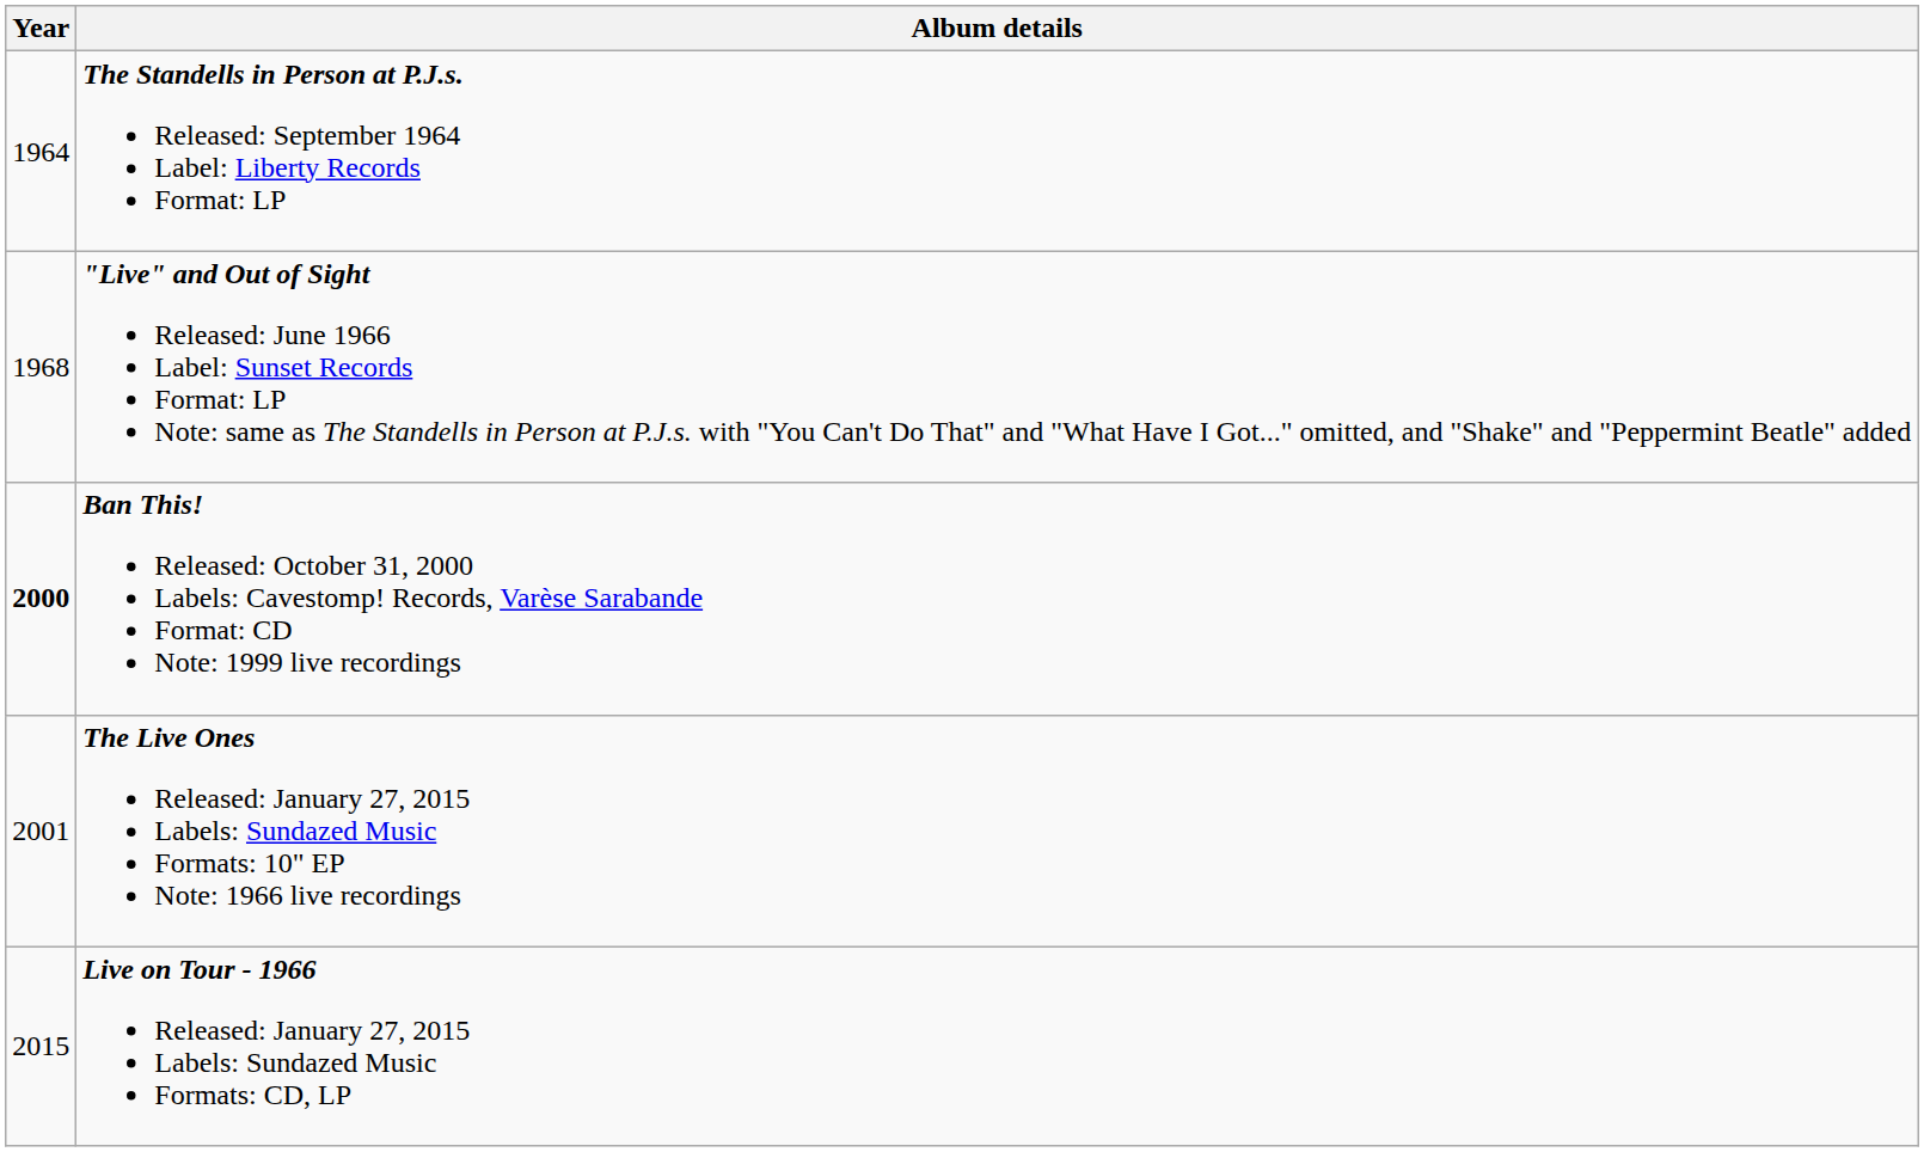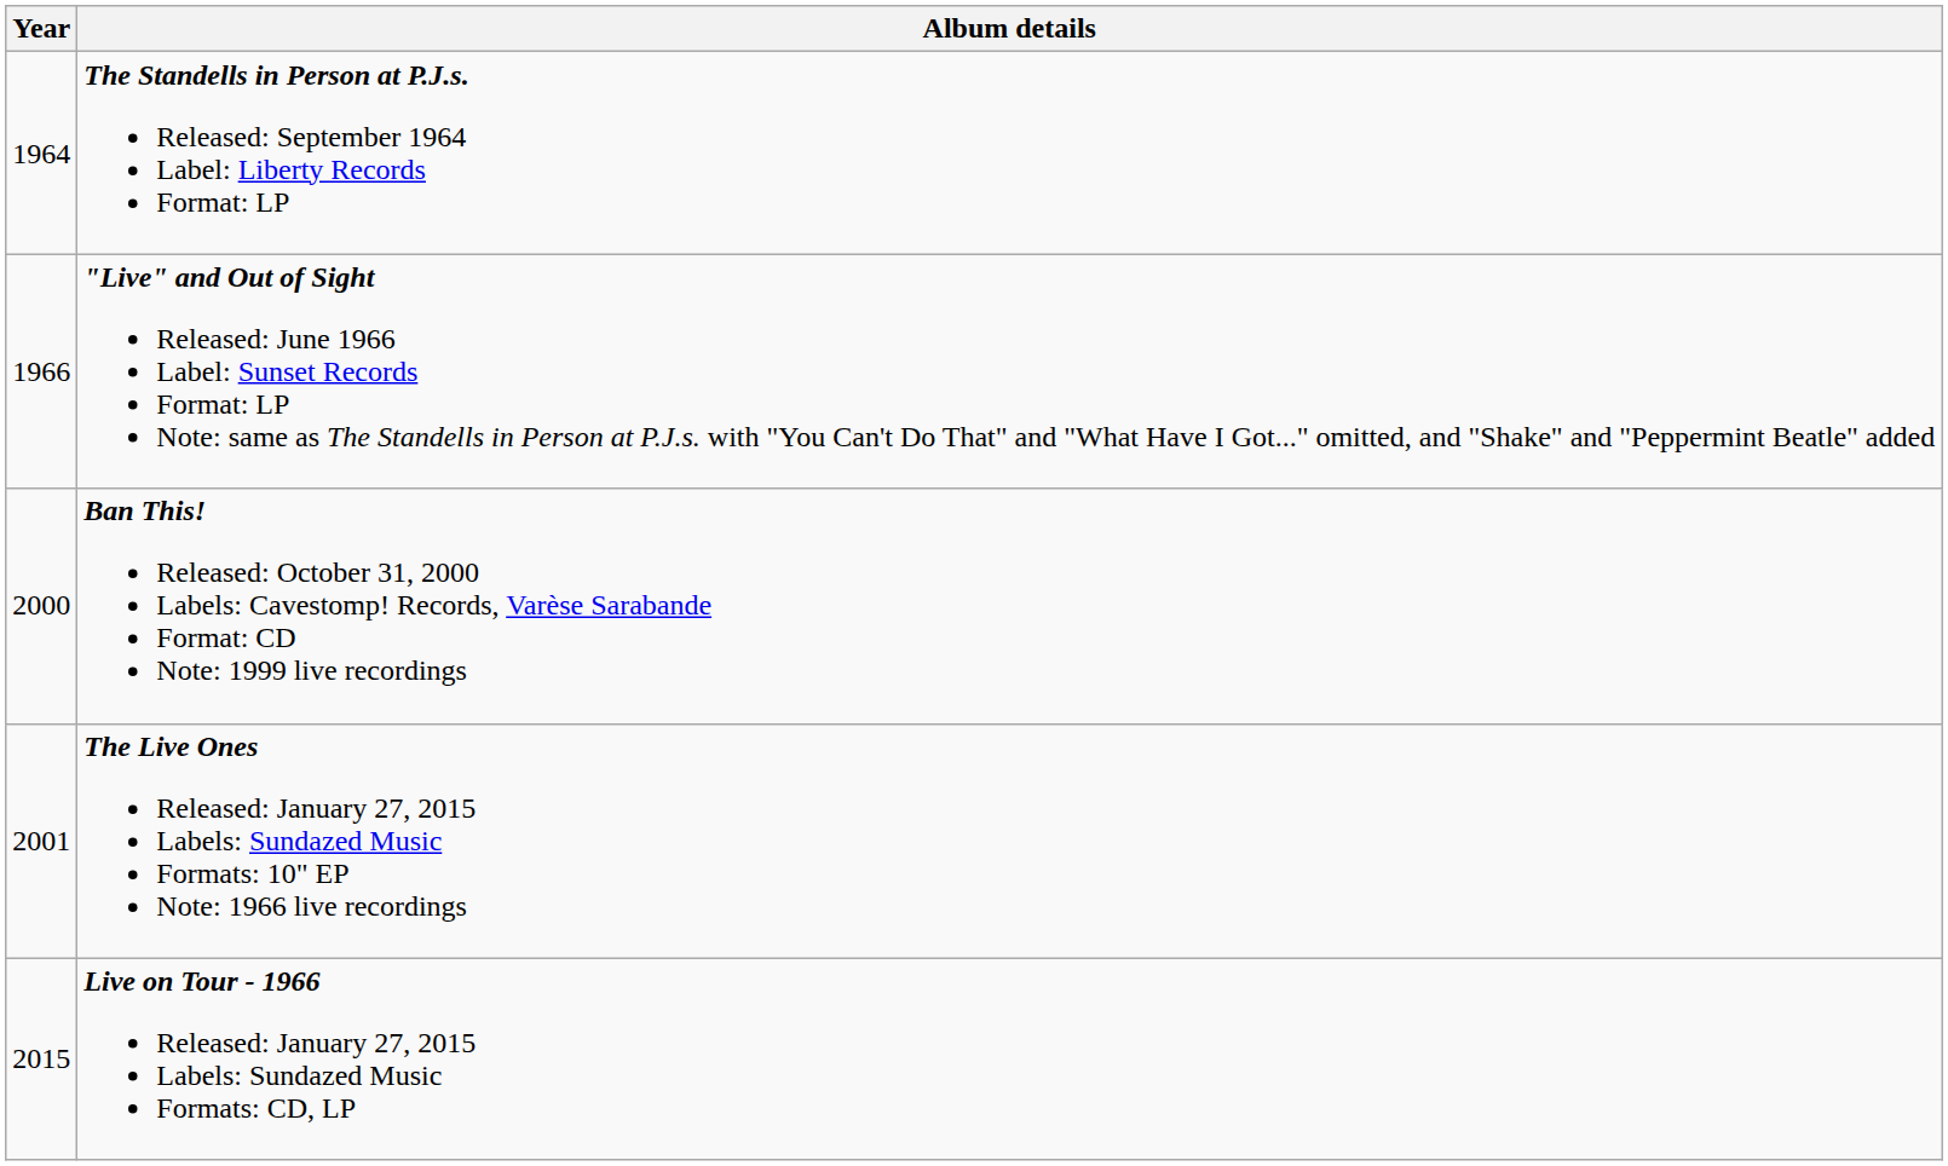 <table class="wikitable">
 <tr>
 <th>Year</th>
 <th>Album details</th>
 </tr>
 <tr>
 <td>1964</td>
 <td><strong><em>The Standells in Person at P.J.s.</em></strong><br><ul><li>Released: September 1964</li><li>Label: <a href='#'>Liberty Records</a> </li><li>Format: LP</li></ul></td>
 </tr>
 <tr>
-<td>1968</td>
+<td>1966</td>
 <td><strong><em>"Live" and Out of Sight</em></strong><br><ul><li>Released: June 1966</li><li>Label: <a href='#'>Sunset Records</a> </li><li>Format: LP</li><li>Note: same as <em>The Standells in Person at P.J.s.</em> with "You Can't Do That" and "What Have I Got..." omitted, and "Shake" and "Peppermint Beatle" added</li></ul></td>
 </tr>
 <tr>
-<td><strong>2000</strong></td>
+<td>2000</td>
 <td><strong><em>Ban This!</em></strong><br><ul><li>Released: October 31, 2000</li><li>Labels: Cavestomp! Records, <a href='#'>Varèse Sarabande</a> </li><li>Format: CD</li><li>Note: 1999 live recordings</li></ul></td>
 </tr>
 <tr>
 <td>2001</td>
 <td><strong><em>The Live Ones</em></strong><br><ul><li>Released: January 27, 2015</li><li>Labels: <a href='#'>Sundazed Music</a> </li><li>Formats: 10" EP</li><li>Note: 1966 live recordings</li></ul></td>
 </tr>
 <tr>
 <td>2015</td>
 <td><strong><em>Live on Tour - 1966</em></strong><br><ul><li>Released: January 27, 2015</li><li>Labels: Sundazed Music </li><li>Formats: CD, LP</li></ul></td>
 </tr>
 </table>
